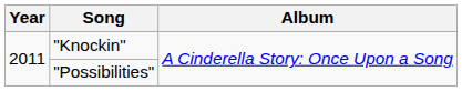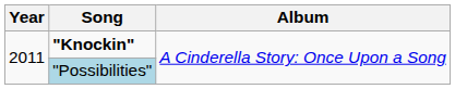 <table class="wikitable">
 <tr>
 <th align="left">Year</th>
 <th align="left">Song</th>
 <th align="left">Album</th>
 </tr>
 <tr>
 <td rowspan=2>2011</td>
-<td>"Knockin"</td>
+<td><strong>"Knockin"</strong></td>
 <td rowspan="2"><em><a href='#'>A Cinderella Story: Once Upon a Song</a></em></td>
 </tr>
 <tr>
-<td>"Possibilities"</td>
+<td style="background: lightblue;">"Possibilities"</td>
 </tr>
 </table>
